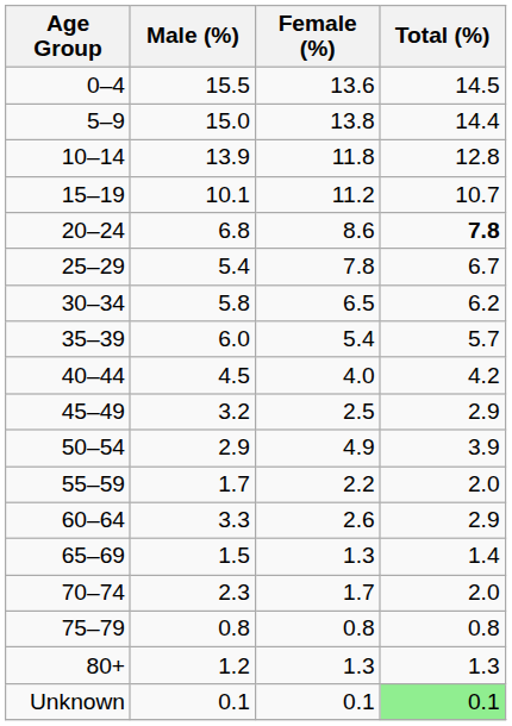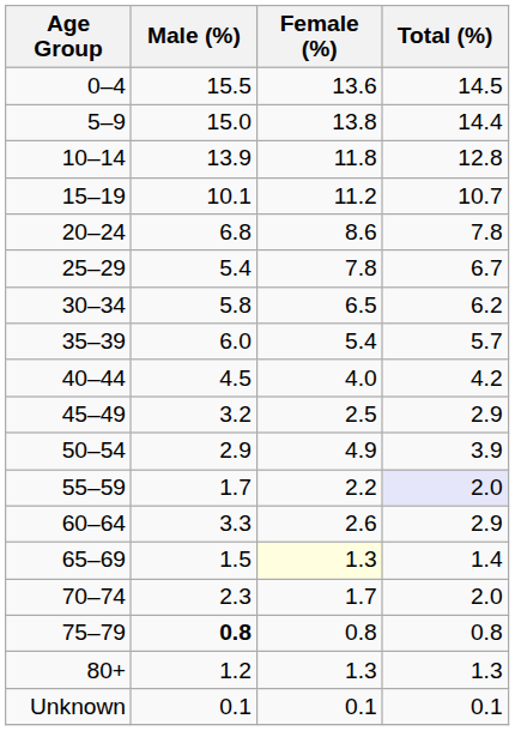 <table class="wikitable">
 <tr>
 <th width="80pt">Age Group</th>
 <th width="80pt">Male (%)</th>
 <th width="80pt">Female (%)</th>
 <th width="80pt">Total (%)</th>
 </tr>
 <tr>
 <td align="right">0–4</td>
 <td align="right">15.5</td>
 <td align="right">13.6</td>
 <td align="right">14.5</td>
 </tr>
 <tr>
 <td align="right">5–9</td>
 <td align="right">15.0</td>
 <td align="right">13.8</td>
 <td align="right">14.4</td>
 </tr>
 <tr>
 <td align="right">10–14</td>
 <td align="right">13.9</td>
 <td align="right">11.8</td>
 <td align="right">12.8</td>
 </tr>
 <tr>
 <td align="right">15–19</td>
 <td align="right">10.1</td>
 <td align="right">11.2</td>
 <td align="right">10.7</td>
 </tr>
 <tr>
 <td align="right">20–24</td>
 <td align="right">6.8</td>
 <td align="right">8.6</td>
-<td align="right"><strong>7.8</strong></td>
+<td align="right">7.8</td>
 </tr>
 <tr>
 <td align="right">25–29</td>
 <td align="right">5.4</td>
 <td align="right">7.8</td>
 <td align="right">6.7</td>
 </tr>
 <tr>
 <td align="right">30–34</td>
 <td align="right">5.8</td>
 <td align="right">6.5</td>
 <td align="right">6.2</td>
 </tr>
 <tr>
 <td align="right">35–39</td>
 <td align="right">6.0</td>
 <td align="right">5.4</td>
 <td align="right">5.7</td>
 </tr>
 <tr>
 <td align="right">40–44</td>
 <td align="right">4.5</td>
 <td align="right">4.0</td>
 <td align="right">4.2</td>
 </tr>
 <tr>
 <td align="right">45–49</td>
 <td align="right">3.2</td>
 <td align="right">2.5</td>
 <td align="right">2.9</td>
 </tr>
 <tr>
 <td align="right">50–54</td>
 <td align="right">2.9</td>
 <td align="right">4.9</td>
 <td align="right">3.9</td>
 </tr>
 <tr>
 <td align="right">55–59</td>
 <td align="right">1.7</td>
 <td align="right">2.2</td>
-<td align="right">2.0</td>
+<td align="right" style="background: lavender;">2.0</td>
 </tr>
 <tr>
 <td align="right">60–64</td>
 <td align="right">3.3</td>
 <td align="right">2.6</td>
 <td align="right">2.9</td>
 </tr>
 <tr>
 <td align="right">65–69</td>
 <td align="right">1.5</td>
-<td align="right">1.3</td>
+<td align="right" style="background: lightyellow;">1.3</td>
 <td align="right">1.4</td>
 </tr>
 <tr>
 <td align="right">70–74</td>
 <td align="right">2.3</td>
 <td align="right">1.7</td>
 <td align="right">2.0</td>
 </tr>
 <tr>
 <td align="right">75–79</td>
-<td align="right">0.8</td>
+<td align="right"><strong>0.8</strong></td>
 <td align="right">0.8</td>
 <td align="right">0.8</td>
 </tr>
 <tr>
 <td align="right">80+</td>
 <td align="right">1.2</td>
 <td align="right">1.3</td>
 <td align="right">1.3</td>
 </tr>
 <tr>
 <td align="right">Unknown</td>
 <td align="right">0.1</td>
 <td align="right">0.1</td>
-<td align="right" style="background: lightgreen;">0.1</td>
+<td align="right">0.1</td>
 </tr>
 <tr>
 </tr>
 </table>
